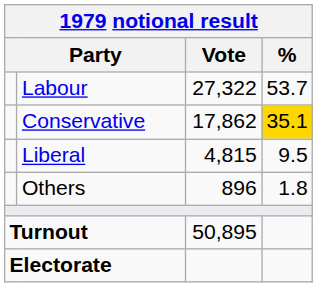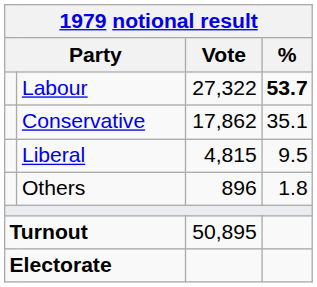 <table class="wikitable">
 <tr>
 <th colspan="4"><a href='#'>1979</a> <a href='#'>notional result</a></th>
 </tr>
 <tr>
 <th bgcolor="#DDDDFF" width="130px" colspan="2">Party</th>
 <th bgcolor="#DDDDFF" width="50px">Vote</th>
 <th bgcolor="#DDDDFF" width="30px">%</th>
 </tr>
 <tr>
 <td></td>
 <td><a href='#'>Labour</a></td>
 <td align=right>27,322</td>
-<td align=right>53.7</td>
+<td align=right><strong>53.7</strong></td>
 </tr>
 <tr>
 <td></td>
 <td><a href='#'>Conservative</a></td>
 <td align=right>17,862</td>
-<td align=right style="background: gold;">35.1</td>
+<td align=right>35.1</td>
 </tr>
 <tr>
 <td></td>
 <td><a href='#'>Liberal</a></td>
 <td align=right>4,815</td>
 <td align=right>9.5</td>
 </tr>
 <tr>
 <td></td>
 <td>Others</td>
 <td align=right>896</td>
 <td align=right>1.8</td>
 </tr>
 <tr>
 <td colspan="4" bgcolor="#EAECF0"></td>
 </tr>
 <tr>
 <td colspan="2"><strong>Turnout</strong></td>
 <td align=right>50,895</td>
 <td align=right></td>
 </tr>
 <tr>
 <td colspan="2"><strong>Electorate</strong></td>
 <td align=right></td>
 </tr>
 </table>
